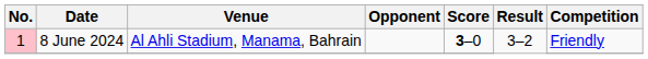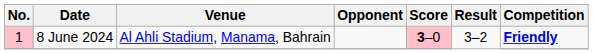 <table class="wikitable sortable">
 <tr>
 <th scope=col>No.</th>
 <th scope=col>Date</th>
 <th scope=col>Venue</th>
 <th scope=col>Opponent</th>
 <th scope=col>Score</th>
 <th scope=col>Result</th>
 <th scope=col>Competition</th>
 </tr>
 <tr>
 <td align=center style="background: pink;">1</td>
 <td>8 June 2024</td>
 <td><a href='#'>Al Ahli Stadium</a>, <a href='#'>Manama</a>, Bahrain</td>
 <td></td>
-<td align=center><strong>3</strong>–0</td>
+<td align=center style="background: pink;"><strong>3</strong>–0</td>
 <td rowspan="2" align="center">3–2</td>
-<td><a href='#'>Friendly</a></td>
+<td><strong><a href='#'>Friendly</a></strong></td>
 </tr>
 <tr>
 </tr>
 </table>
